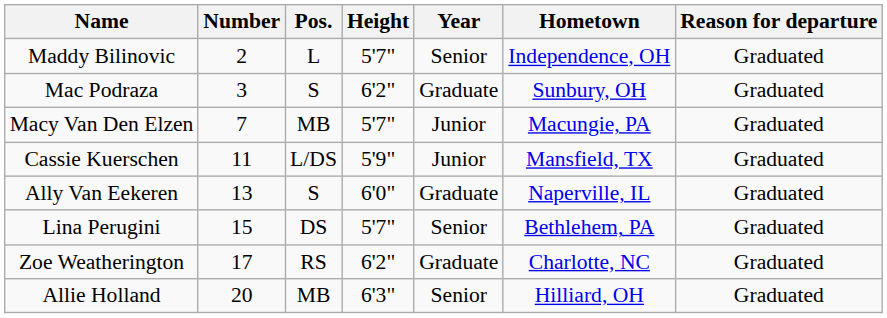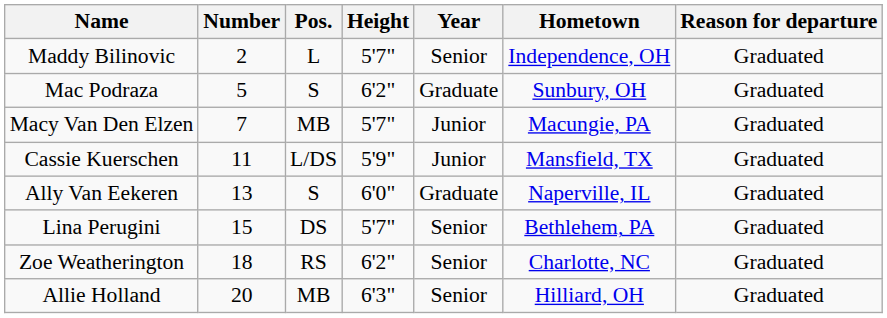 <table class="wikitable sortable" border="1">
 <tr>
 <th style="text-align:center; ">Name</th>
 <th style="text-align:center; ">Number</th>
 <th style="text-align:center; ">Pos.</th>
 <th style="text-align:center; ">Height</th>
 <th style="text-align:center; ">Year</th>
 <th style="text-align:center; ">Hometown</th>
 <th style="text-align:center; ">Reason for departure</th>
 </tr>
 <tr align="center">
 <td>Maddy Bilinovic</td>
 <td>2</td>
 <td>L</td>
 <td>5'7"</td>
 <td>Senior</td>
 <td><a href='#'>Independence, OH</a></td>
 <td>Graduated</td>
 </tr>
 <tr align="center">
 <td>Mac Podraza</td>
-<td>3</td>
+<td>5</td>
 <td>S</td>
 <td>6'2"</td>
 <td>Graduate</td>
 <td><a href='#'>Sunbury, OH</a></td>
 <td>Graduated</td>
 </tr>
 <tr align="center">
 <td>Macy Van Den Elzen</td>
 <td>7</td>
 <td>MB</td>
 <td>5'7"</td>
 <td>Junior</td>
 <td><a href='#'>Macungie, PA</a></td>
 <td>Graduated</td>
 </tr>
 <tr align="center">
 <td>Cassie Kuerschen</td>
 <td>11</td>
 <td>L/DS</td>
 <td>5'9"</td>
 <td>Junior</td>
 <td><a href='#'>Mansfield, TX</a></td>
 <td>Graduated</td>
 </tr>
 <tr align="center">
 <td>Ally Van Eekeren</td>
 <td>13</td>
 <td>S</td>
 <td>6'0"</td>
 <td>Graduate</td>
 <td><a href='#'>Naperville, IL</a></td>
 <td>Graduated</td>
 </tr>
 <tr align="center">
 <td>Lina Perugini</td>
 <td>15</td>
 <td>DS</td>
 <td>5'7"</td>
 <td>Senior</td>
 <td><a href='#'>Bethlehem, PA</a></td>
 <td>Graduated</td>
 </tr>
 <tr align="center">
 <td>Zoe Weatherington</td>
-<td>17</td>
+<td>18</td>
 <td>RS</td>
 <td>6'2"</td>
-<td>Graduate</td>
+<td>Senior</td>
 <td><a href='#'>Charlotte, NC</a></td>
 <td>Graduated</td>
 </tr>
 <tr align="center">
 <td>Allie Holland</td>
 <td>20</td>
 <td>MB</td>
 <td>6'3"</td>
 <td>Senior</td>
 <td><a href='#'>Hilliard, OH</a></td>
 <td>Graduated</td>
 </tr>
 </table>
